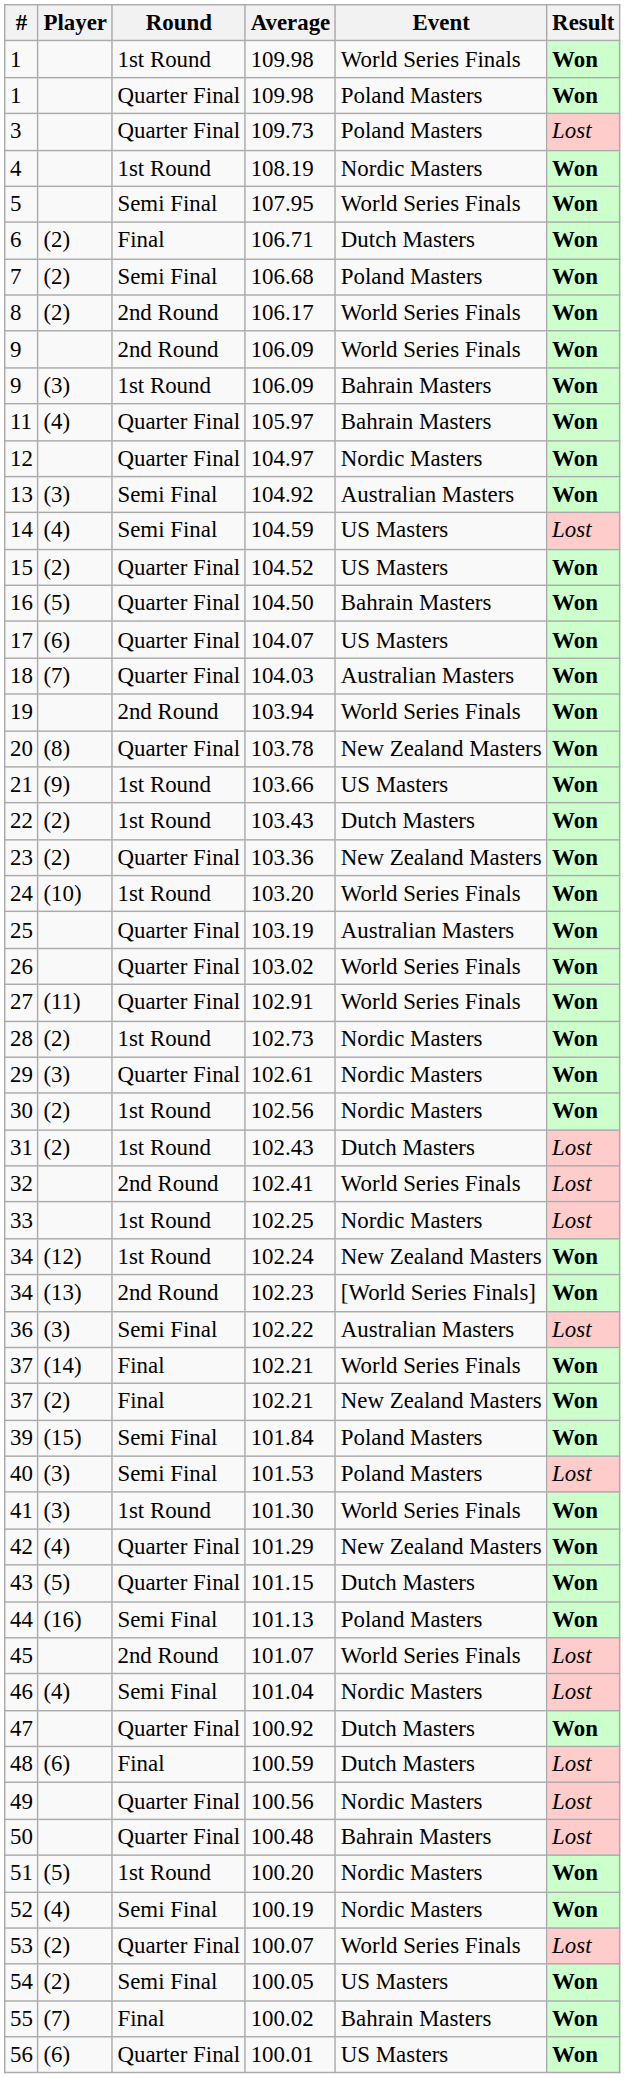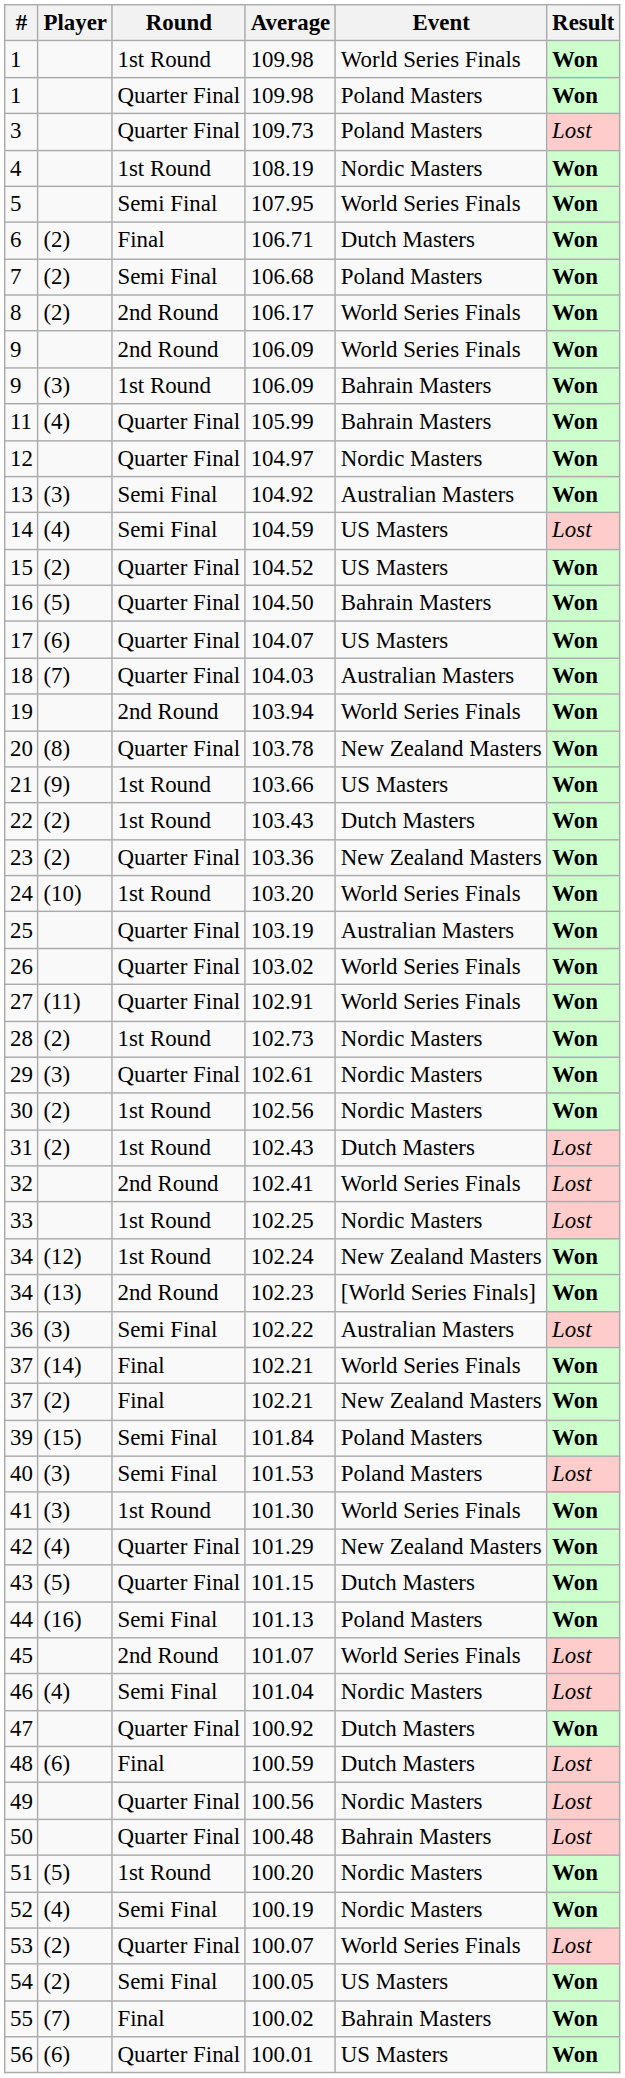 <table class ="wikitable sortable">
 <tr>
 <th>#</th>
 <th>Player</th>
 <th>Round</th>
 <th>Average</th>
 <th>Event</th>
 <th>Result</th>
 </tr>
 <tr>
 <td>1</td>
 <td></td>
 <td>1st Round</td>
 <td>109.98</td>
 <td> World Series Finals</td>
 <td style="background:#CCFFCC;"><strong>Won</strong></td>
 </tr>
 <tr>
 <td>1</td>
 <td></td>
 <td>Quarter Final</td>
 <td>109.98</td>
 <td> Poland  Masters</td>
 <td style="background:#CCFFCC;"><strong>Won</strong></td>
 </tr>
 <tr>
 <td>3</td>
 <td></td>
 <td>Quarter Final</td>
 <td>109.73</td>
 <td> Poland  Masters</td>
 <td style="background:#FFccCC;"><em>Lost</em></td>
 </tr>
 <tr>
 <td>4</td>
 <td></td>
 <td>1st Round</td>
 <td>108.19</td>
 <td> Nordic  Masters</td>
 <td style="background:#CCFFCC;"><strong>Won</strong></td>
 </tr>
 <tr>
 <td>5</td>
 <td></td>
 <td>Semi Final</td>
 <td>107.95</td>
 <td> World Series Finals</td>
 <td style="background:#CCFFCC;"><strong>Won</strong></td>
 </tr>
 <tr>
 <td>6</td>
 <td> (2)</td>
 <td>Final</td>
 <td>106.71</td>
 <td> Dutch  Masters</td>
 <td style="background:#CCFFCC;"><strong>Won</strong></td>
 </tr>
 <tr>
 <td>7</td>
 <td> (2)</td>
 <td>Semi Final</td>
 <td>106.68</td>
 <td> Poland  Masters</td>
 <td style="background:#CCFFCC;"><strong>Won</strong></td>
 </tr>
 <tr>
 <td>8</td>
 <td> (2)</td>
 <td>2nd Round</td>
 <td>106.17</td>
 <td> World Series Finals</td>
 <td style="background:#CCFFCC;"><strong>Won</strong></td>
 </tr>
 <tr>
 <td>9</td>
 <td></td>
 <td>2nd Round</td>
 <td>106.09</td>
 <td> World Series Finals</td>
 <td style="background:#CCFFCC;"><strong>Won</strong></td>
 </tr>
 <tr>
 <td>9</td>
 <td> (3)</td>
 <td>1st Round</td>
 <td>106.09</td>
 <td> Bahrain  Masters</td>
 <td style="background:#CCFFCC;"><strong>Won</strong></td>
 </tr>
 <tr>
 <td>11</td>
 <td> (4)</td>
 <td>Quarter Final</td>
-<td>105.97</td>
+<td>105.99</td>
 <td> Bahrain  Masters</td>
 <td style="background:#CCFFCC;"><strong>Won</strong></td>
 </tr>
 <tr>
 <td>12</td>
 <td></td>
 <td>Quarter Final</td>
 <td>104.97</td>
 <td> Nordic  Masters</td>
 <td style="background:#CCFFCC;"><strong>Won</strong></td>
 </tr>
 <tr>
 <td>13</td>
 <td> (3)</td>
 <td>Semi Final</td>
 <td>104.92</td>
 <td> Australian  Masters</td>
 <td style="background:#CCFFCC;"><strong>Won</strong></td>
 </tr>
 <tr>
 <td>14</td>
 <td> (4)</td>
 <td>Semi Final</td>
 <td>104.59</td>
 <td> US  Masters</td>
 <td style="background:#FFccCC;"><em>Lost</em></td>
 </tr>
 <tr>
 <td>15</td>
 <td> (2)</td>
 <td>Quarter Final</td>
 <td>104.52</td>
 <td> US  Masters</td>
 <td style="background:#CCFFCC;"><strong>Won</strong></td>
 </tr>
 <tr>
 <td>16</td>
 <td> (5)</td>
 <td>Quarter Final</td>
 <td>104.50</td>
 <td> Bahrain  Masters</td>
 <td style="background:#CCFFCC;"><strong>Won</strong></td>
 </tr>
 <tr>
 <td>17</td>
 <td> (6)</td>
 <td>Quarter Final</td>
 <td>104.07</td>
 <td> US  Masters</td>
 <td style="background:#CCFFCC;"><strong>Won</strong></td>
 </tr>
 <tr>
 <td>18</td>
 <td> (7)</td>
 <td>Quarter Final</td>
 <td>104.03</td>
 <td> Australian  Masters</td>
 <td style="background:#CCFFCC;"><strong>Won</strong></td>
 </tr>
 <tr>
 <td>19</td>
 <td></td>
 <td>2nd Round</td>
 <td>103.94</td>
 <td> World Series Finals</td>
 <td style="background:#CCFFCC;"><strong>Won</strong></td>
 </tr>
 <tr>
 <td>20</td>
 <td> (8)</td>
 <td>Quarter Final</td>
 <td>103.78</td>
 <td> New Zealand  Masters</td>
 <td style="background:#CCFFCC;"><strong>Won</strong></td>
 </tr>
 <tr>
 <td>21</td>
 <td> (9)</td>
 <td>1st Round</td>
 <td>103.66</td>
 <td> US  Masters</td>
 <td style="background:#CCFFCC;"><strong>Won</strong></td>
 </tr>
 <tr>
 <td>22</td>
 <td> (2)</td>
 <td>1st Round</td>
 <td>103.43</td>
 <td> Dutch  Masters</td>
 <td style="background:#CCFFCC;"><strong>Won</strong></td>
 </tr>
 <tr>
 <td>23</td>
 <td> (2)</td>
 <td>Quarter Final</td>
 <td>103.36</td>
 <td> New Zealand  Masters</td>
 <td style="background:#CCFFCC;"><strong>Won</strong></td>
 </tr>
 <tr>
 <td>24</td>
 <td> (10)</td>
 <td>1st Round</td>
 <td>103.20</td>
 <td> World Series Finals</td>
 <td style="background:#CCFFCC;"><strong>Won</strong></td>
 </tr>
 <tr>
 <td>25</td>
 <td></td>
 <td>Quarter Final</td>
 <td>103.19</td>
 <td> Australian  Masters</td>
 <td style="background:#CCFFCC;"><strong>Won</strong></td>
 </tr>
 <tr>
 <td>26</td>
 <td></td>
 <td>Quarter Final</td>
 <td>103.02</td>
 <td> World Series Finals</td>
 <td style="background:#CCFFCC;"><strong>Won</strong></td>
 </tr>
 <tr>
 <td>27</td>
 <td> (11)</td>
 <td>Quarter Final</td>
 <td>102.91</td>
 <td> World Series Finals</td>
 <td style="background:#CCFFCC;"><strong>Won</strong></td>
 </tr>
 <tr>
 <td>28</td>
 <td> (2)</td>
 <td>1st Round</td>
 <td>102.73</td>
 <td> Nordic  Masters</td>
 <td style="background:#CCFFCC;"><strong>Won</strong></td>
 </tr>
 <tr>
 <td>29</td>
 <td> (3)</td>
 <td>Quarter Final</td>
 <td>102.61</td>
 <td> Nordic  Masters</td>
 <td style="background:#CCFFCC;"><strong>Won</strong></td>
 </tr>
 <tr>
 <td>30</td>
 <td> (2)</td>
 <td>1st Round</td>
 <td>102.56</td>
 <td> Nordic  Masters</td>
 <td style="background:#CCFFCC;"><strong>Won</strong></td>
 </tr>
 <tr>
 <td>31</td>
 <td> (2)</td>
 <td>1st Round</td>
 <td>102.43</td>
 <td> Dutch  Masters</td>
 <td style="background:#FFccCC;"><em>Lost</em></td>
 </tr>
 <tr>
 <td>32</td>
 <td></td>
 <td>2nd Round</td>
 <td>102.41</td>
 <td> World Series Finals</td>
 <td style="background:#FFccCC;"><em>Lost</em></td>
 </tr>
 <tr>
 <td>33</td>
 <td></td>
 <td>1st Round</td>
 <td>102.25</td>
 <td> Nordic  Masters</td>
 <td style="background:#FFccCC;"><em>Lost</em></td>
 </tr>
 <tr>
 <td>34</td>
 <td> (12)</td>
 <td>1st Round</td>
 <td>102.24</td>
 <td> New Zealand  Masters</td>
 <td style="background:#CCFFCC;"><strong>Won</strong></td>
 </tr>
 <tr>
 <td>34</td>
 <td> (13)</td>
 <td>2nd Round</td>
 <td>102.23</td>
 <td> [World Series Finals]</td>
 <td style="background:#CCFFCC;"><strong>Won</strong></td>
 </tr>
 <tr>
 <td>36</td>
 <td> (3)</td>
 <td>Semi Final</td>
 <td>102.22</td>
 <td> Australian  Masters</td>
 <td style="background:#FFccCC;"><em>Lost</em></td>
 </tr>
 <tr>
 <td>37</td>
 <td> (14)</td>
 <td>Final</td>
 <td>102.21</td>
 <td> World Series Finals</td>
 <td style="background:#CCFFCC;"><strong>Won</strong></td>
 </tr>
 <tr>
 <td>37</td>
 <td> (2)</td>
 <td>Final</td>
 <td>102.21</td>
 <td> New Zealand  Masters</td>
 <td style="background:#CCFFCC;"><strong>Won</strong></td>
 </tr>
 <tr>
 <td>39</td>
 <td> (15)</td>
 <td>Semi Final</td>
 <td>101.84</td>
 <td> Poland  Masters</td>
 <td style="background:#CCFFCC;"><strong>Won</strong></td>
 </tr>
 <tr>
 <td>40</td>
 <td> (3)</td>
 <td>Semi Final</td>
 <td>101.53</td>
 <td> Poland  Masters</td>
 <td style="background:#FFccCC;"><em>Lost</em></td>
 </tr>
 <tr>
 <td>41</td>
 <td> (3)</td>
 <td>1st Round</td>
 <td>101.30</td>
 <td> World Series Finals</td>
 <td style="background:#CCFFCC;"><strong>Won</strong></td>
 </tr>
 <tr>
 <td>42</td>
 <td> (4)</td>
 <td>Quarter Final</td>
 <td>101.29</td>
 <td> New Zealand  Masters</td>
 <td style="background:#CCFFCC;"><strong>Won</strong></td>
 </tr>
 <tr>
 <td>43</td>
 <td> (5)</td>
 <td>Quarter Final</td>
 <td>101.15</td>
 <td> Dutch  Masters</td>
 <td style="background:#CCFFCC;"><strong>Won</strong></td>
 </tr>
 <tr>
 <td>44</td>
 <td> (16)</td>
 <td>Semi Final</td>
 <td>101.13</td>
 <td> Poland  Masters</td>
 <td style="background:#CCFFCC;"><strong>Won</strong></td>
 </tr>
 <tr>
 <td>45</td>
 <td></td>
 <td>2nd Round</td>
 <td>101.07</td>
 <td> World Series Finals</td>
 <td style="background:#FFccCC;"><em>Lost</em></td>
 </tr>
 <tr>
 <td>46</td>
 <td> (4)</td>
 <td>Semi Final</td>
 <td>101.04</td>
 <td> Nordic  Masters</td>
 <td style="background:#FFccCC;"><em>Lost</em></td>
 </tr>
 <tr>
 <td>47</td>
 <td></td>
 <td>Quarter Final</td>
 <td>100.92</td>
 <td> Dutch  Masters</td>
 <td style="background:#CCFFCC;"><strong>Won</strong></td>
 </tr>
 <tr>
 <td>48</td>
 <td> (6)</td>
 <td>Final</td>
 <td>100.59</td>
 <td> Dutch  Masters</td>
 <td style="background:#FFccCC;"><em>Lost</em></td>
 </tr>
 <tr>
 <td>49</td>
 <td></td>
 <td>Quarter Final</td>
 <td>100.56</td>
 <td> Nordic  Masters</td>
 <td style="background:#FFccCC;"><em>Lost</em></td>
 </tr>
 <tr>
 <td>50</td>
 <td></td>
 <td>Quarter Final</td>
 <td>100.48</td>
 <td> Bahrain  Masters</td>
 <td style="background:#FFccCC;"><em>Lost</em></td>
 </tr>
 <tr>
 <td>51</td>
 <td> (5)</td>
 <td>1st Round</td>
 <td>100.20</td>
 <td> Nordic  Masters</td>
 <td style="background:#CCFFCC;"><strong>Won</strong></td>
 </tr>
 <tr>
 <td>52</td>
 <td> (4)</td>
 <td>Semi Final</td>
 <td>100.19</td>
 <td> Nordic  Masters</td>
 <td style="background:#CCFFCC;"><strong>Won</strong></td>
 </tr>
 <tr>
 <td>53</td>
 <td> (2)</td>
 <td>Quarter Final</td>
 <td>100.07</td>
 <td> World Series Finals</td>
 <td style="background:#FFccCC;"><em>Lost</em></td>
 </tr>
 <tr>
 <td>54</td>
 <td> (2)</td>
 <td>Semi Final</td>
 <td>100.05</td>
 <td> US  Masters</td>
 <td style="background:#CCFFCC;"><strong>Won</strong></td>
 </tr>
 <tr>
 <td>55</td>
 <td> (7)</td>
 <td>Final</td>
 <td>100.02</td>
 <td> Bahrain  Masters</td>
 <td style="background:#CCFFCC;"><strong>Won</strong></td>
 </tr>
 <tr>
 <td>56</td>
 <td> (6)</td>
 <td>Quarter Final</td>
 <td>100.01</td>
 <td> US  Masters</td>
 <td style="background:#CCFFCC;"><strong>Won</strong></td>
 </tr>
 </table>
